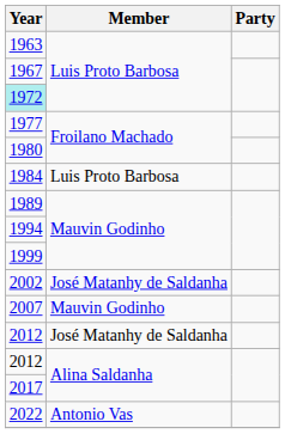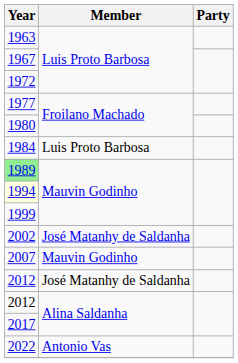 <table class="wikitable sortable">
 <tr>
 <th>Year</th>
 <th>Member</th>
 <th colspan="2">Party</th>
 </tr>
 <tr>
 <td><a href='#'>1963</a></td>
 <td rowspan=3><a href='#'>Luis Proto Barbosa</a></td>
 <td></td>
 </tr>
 <tr>
 <td><a href='#'>1967</a></td>
 </tr>
 <tr>
-<td style="background: paleturquoise;"><a href='#'>1972</a></td>
+<td><a href='#'>1972</a></td>
 </tr>
 <tr>
 <td><a href='#'>1977</a></td>
 <td rowspan=2><a href='#'>Froilano Machado</a></td>
 <td></td>
 </tr>
 <tr>
 <td><a href='#'>1980</a></td>
 <td></td>
 </tr>
 <tr>
 <td><a href='#'>1984</a></td>
 <td>Luis Proto Barbosa</td>
 <td></td>
 </tr>
 <tr>
-<td><a href='#'>1989</a></td>
+<td style="background: lightgreen;"><a href='#'>1989</a></td>
 <td rowspan=3><a href='#'>Mauvin Godinho</a></td>
 </tr>
 <tr>
-<td><a href='#'>1994</a></td>
+<td style="background: lightyellow;"><a href='#'>1994</a></td>
 </tr>
 <tr>
 <td><a href='#'>1999</a></td>
 </tr>
 <tr>
 <td><a href='#'>2002</a></td>
 <td><a href='#'>José Matanhy de Saldanha</a></td>
 <td></td>
 </tr>
 <tr>
 <td><a href='#'>2007</a></td>
 <td><a href='#'>Mauvin Godinho</a></td>
 <td></td>
 </tr>
 <tr>
 <td><a href='#'>2012</a></td>
 <td>José Matanhy de Saldanha</td>
 <td></td>
 </tr>
 <tr>
 <td>2012</td>
 <td rowspan=2><a href='#'>Alina Saldanha</a></td>
 </tr>
 <tr>
 <td><a href='#'>2017</a></td>
 </tr>
 <tr>
 <td><a href='#'>2022</a></td>
 <td><a href='#'>Antonio Vas</a></td>
 <td></td>
 </tr>
 <tr>
 </tr>
 </table>
